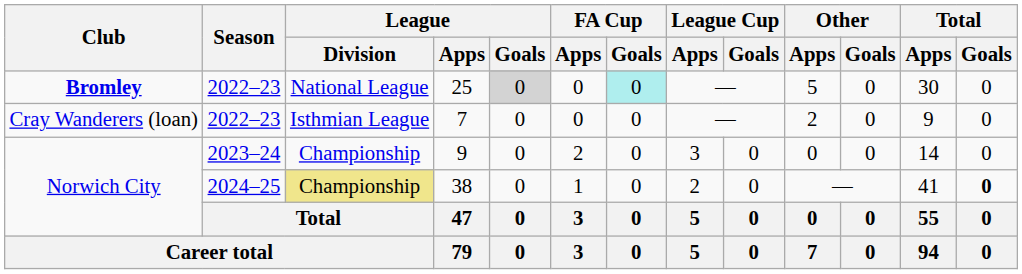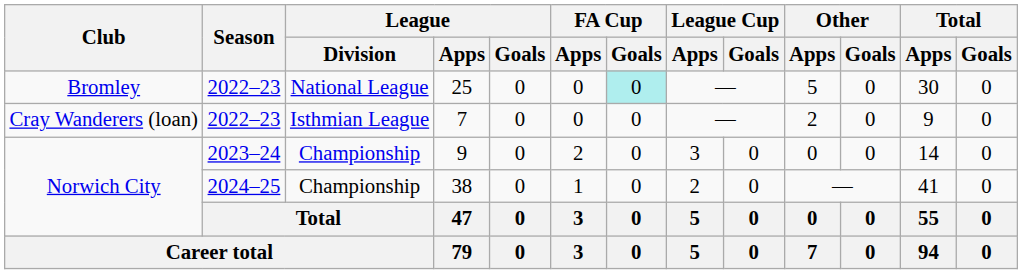 <table class="wikitable" style="text-align:center">
 <tr>
 <th rowspan="2">Club</th>
 <th rowspan="2">Season</th>
 <th colspan="3">League</th>
 <th colspan="2">FA Cup</th>
 <th colspan="2">League Cup</th>
 <th colspan="2">Other</th>
 <th colspan="2">Total</th>
 </tr>
 <tr>
 <th>Division</th>
 <th>Apps</th>
 <th>Goals</th>
 <th>Apps</th>
 <th>Goals</th>
 <th>Apps</th>
 <th>Goals</th>
 <th>Apps</th>
 <th>Goals</th>
 <th>Apps</th>
 <th>Goals</th>
 </tr>
 <tr>
-<td><strong><a href='#'>Bromley</a></strong></td>
+<td><a href='#'>Bromley</a></td>
 <td><a href='#'>2022–23</a></td>
 <td><a href='#'>National League</a></td>
 <td>25</td>
-<td style="background: lightgrey;">0</td>
+<td>0</td>
 <td>0</td>
 <td style="background: paleturquoise;">0</td>
 <td colspan="2">—</td>
 <td>5</td>
 <td>0</td>
 <td>30</td>
 <td>0</td>
 </tr>
 <tr>
 <td><a href='#'>Cray Wanderers</a> (loan)</td>
 <td><a href='#'>2022–23</a></td>
 <td><a href='#'>Isthmian League</a></td>
 <td>7</td>
 <td>0</td>
 <td>0</td>
 <td>0</td>
 <td colspan="2">—</td>
 <td>2</td>
 <td>0</td>
 <td>9</td>
 <td>0</td>
 </tr>
 <tr>
 <td rowspan="3"><a href='#'>Norwich City</a></td>
 <td><a href='#'>2023–24</a></td>
 <td><a href='#'>Championship</a></td>
 <td>9</td>
 <td>0</td>
 <td>2</td>
 <td>0</td>
 <td>3</td>
 <td>0</td>
 <td>0</td>
 <td>0</td>
 <td>14</td>
 <td>0</td>
 </tr>
 <tr>
 <td><a href='#'>2024–25</a></td>
-<td style="background: khaki;">Championship</td>
+<td>Championship</td>
 <td>38</td>
 <td>0</td>
 <td>1</td>
 <td>0</td>
 <td>2</td>
 <td>0</td>
 <td colspan="2">—</td>
 <td>41</td>
-<td><strong>0</strong></td>
+<td>0</td>
 </tr>
 <tr>
 <th colspan="2">Total</th>
 <th>47</th>
 <th>0</th>
 <th>3</th>
 <th>0</th>
 <th>5</th>
 <th>0</th>
 <th>0</th>
 <th>0</th>
 <th>55</th>
 <th>0</th>
 </tr>
 <tr>
 <th colspan="3">Career total</th>
 <th>79</th>
 <th>0</th>
 <th>3</th>
 <th>0</th>
 <th>5</th>
 <th>0</th>
 <th>7</th>
 <th>0</th>
 <th>94</th>
 <th>0</th>
 </tr>
 </table>
